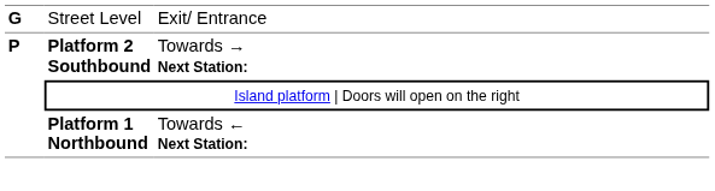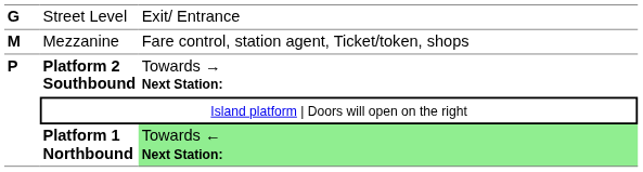 <table table border=0 cellspacing=0 cellpadding=3>
 <tr>
 <td style="border-top:solid 1px gray;border-bottom:solid 1px gray;" width=30 valign=top><strong>G</strong></td>
 <td style="border-top:solid 1px gray;border-bottom:solid 1px gray;" width=85 valign=top>Street Level</td>
 <td style="border-top:solid 1px gray;border-bottom:solid 1px gray;" width=500 valign=top>Exit/ Entrance</td>
+</tr>
+<tr>
+<td style="border-bottom:solid 1px gray;"><strong>M</strong></td>
+<td style="border-bottom:solid 1px gray;">Mezzanine</td>
+<td style="border-bottom:solid 1px gray;">Fare control, station agent, Ticket/token, shops</td>
 </tr>
 <tr>
 <td style="border-bottom:solid 1px gray;" width=30 rowspan=3 valign=top><strong>P</strong></td>
 <td style="border-bottom:solid 1px white;" width=85><span><strong>Platform 2</strong><br><strong>Southbound</strong></span></td>
 <td style="border-bottom:solid 1px white;" width=500>Towards → <br><small><strong>Next Station:</strong> </small></td>
 </tr>
 <tr>
 <td style="border-top:solid 2px black;border-right:solid 2px black;border-left:solid 2px black;border-bottom:solid 2px black;text-align:center;" colspan=2><small><a href='#'>Island platform</a> | Doors will open on the right </small></td>
 </tr>
 <tr>
 <td style="border-bottom:solid 1px gray;" width=85><span><strong>Platform 1</strong><br><strong>Northbound</strong></span></td>
-<td style="border-bottom:solid 1px gray;" width="500">Towards ← <br><small><strong>Next Station:</strong> </small></td>
+<td style="background: lightgreen; border-bottom:solid 1px gray;" width="500">Towards ← <br><small><strong>Next Station:</strong> </small></td>
 </tr>
 </table>
